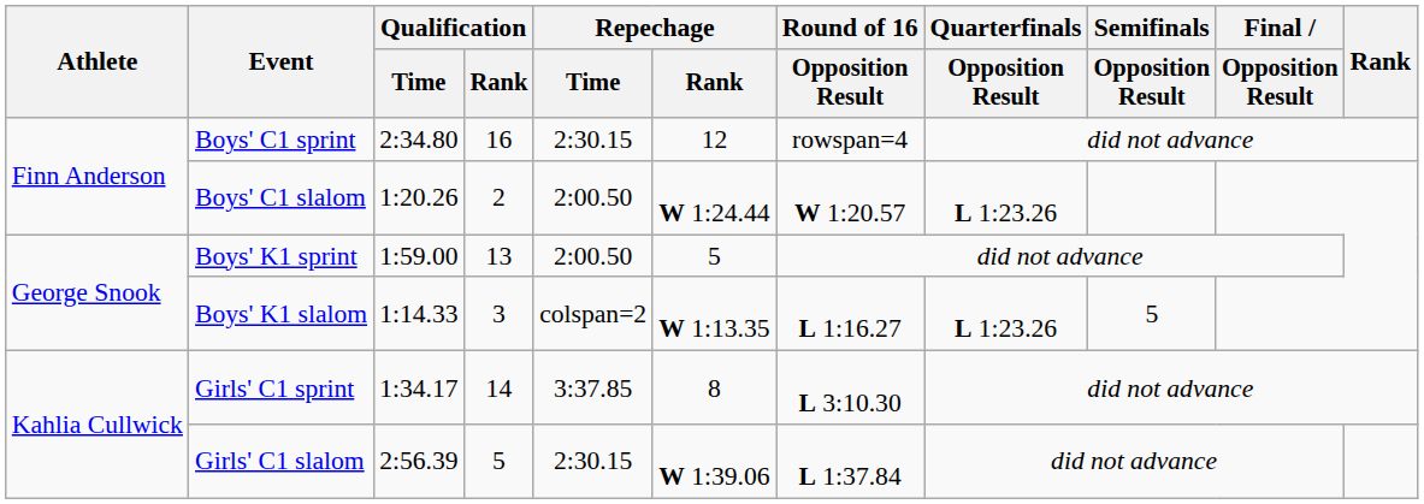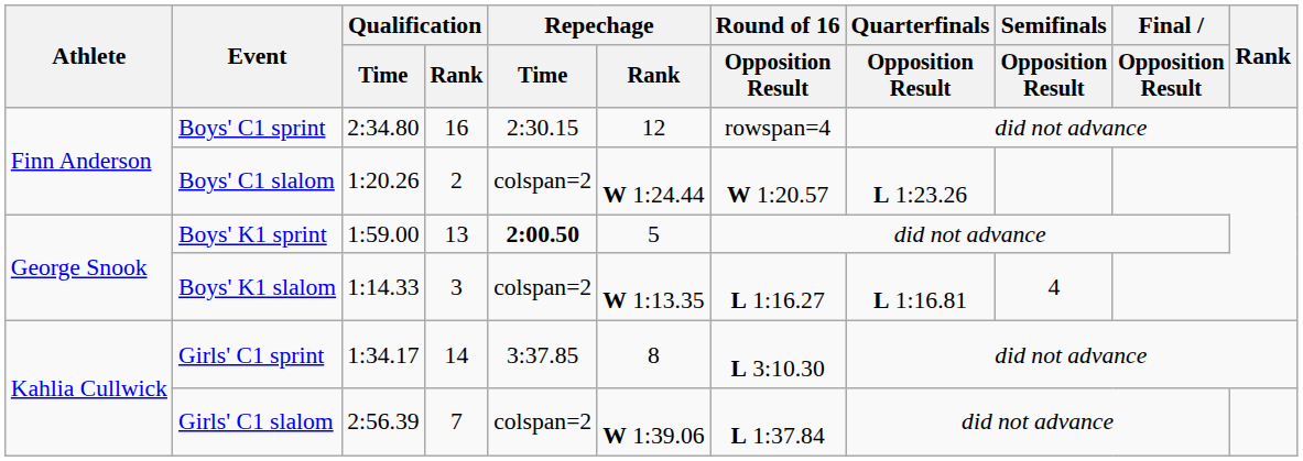 <table class="wikitable" style="font-size:90%">
 <tr>
 <th rowspan=2>Athlete</th>
 <th rowspan=2>Event</th>
 <th colspan=2>Qualification</th>
 <th colspan=2>Repechage</th>
 <th>Round of 16</th>
 <th>Quarterfinals</th>
 <th>Semifinals</th>
 <th>Final / </th>
 <th rowspan=2>Rank</th>
 </tr>
 <tr style="font-size:95%">
 <th>Time</th>
 <th>Rank</th>
 <th>Time</th>
 <th>Rank</th>
 <th>Opposition <br>Result</th>
 <th>Opposition <br>Result</th>
 <th>Opposition <br>Result</th>
 <th>Opposition <br>Result</th>
 </tr>
 <tr align="center">
 <td align="left" rowspan=2><a href='#'>Finn Anderson</a></td>
 <td align="left"><a href='#'>Boys' C1 sprint</a></td>
 <td>2:34.80</td>
 <td>16</td>
 <td>2:30.15</td>
 <td>12</td>
 <td>rowspan=4 </td>
 <td colspan=4><em>did not advance</em></td>
 </tr>
 <tr align="center">
 <td align="left"><a href='#'>Boys' C1 slalom</a></td>
 <td>1:20.26</td>
 <td>2</td>
-<td>2:00.50</td>
+<td>colspan=2 </td>
 <td><br><strong>W</strong> 1:24.44</td>
 <td><br><strong>W</strong> 1:20.57</td>
 <td><br><strong>L</strong> 1:23.26</td>
 <td></td>
 </tr>
 <tr align="center">
 <td align="left" rowspan=2><a href='#'>George Snook</a></td>
 <td align="left"><a href='#'>Boys' K1 sprint</a></td>
 <td>1:59.00</td>
 <td>13</td>
-<td>2:00.50</td>
+<td><strong>2:00.50</strong></td>
 <td>5</td>
 <td colspan=4><em>did not advance</em></td>
 </tr>
 <tr align="center">
 <td align="left"><a href='#'>Boys' K1 slalom</a></td>
 <td>1:14.33</td>
 <td>3</td>
 <td>colspan=2 </td>
 <td><br><strong>W</strong> 1:13.35</td>
 <td><br><strong>L</strong> 1:16.27</td>
-<td><br><strong>L</strong> 1:23.26</td>
-<td>5</td>
+<td><br><strong>L</strong> 1:16.81</td>
+<td>4</td>
 </tr>
 <tr align="center">
 <td align="left" rowspan=2><a href='#'>Kahlia Cullwick</a></td>
 <td align="left"><a href='#'>Girls' C1 sprint</a></td>
 <td>1:34.17</td>
 <td>14</td>
 <td>3:37.85</td>
 <td>8</td>
 <td><br><strong>L</strong> 3:10.30</td>
 <td colspan=4><em>did not advance</em></td>
 </tr>
 <tr align="center">
 <td align="left"><a href='#'>Girls' C1 slalom</a></td>
 <td>2:56.39</td>
-<td>5</td>
-<td>2:30.15</td>
+<td>7</td>
+<td>colspan=2 </td>
 <td><br><strong>W</strong> 1:39.06</td>
 <td><br><strong>L</strong> 1:37.84</td>
 <td colspan=3><em>did not advance</em></td>
 </tr>
 </table>
